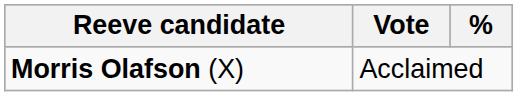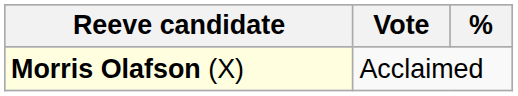 <table class="wikitable">
 <tr>
 <th width="200px">Reeve candidate</th>
 <th width="50px">Vote</th>
 <th width="30px">%</th>
 </tr>
 <tr>
-<td><strong>Morris Olafson</strong> (X)</td>
+<td style="background: lightyellow;"><strong>Morris Olafson</strong> (X)</td>
 <td colspan="2">Acclaimed</td>
 </tr>
 </table>
